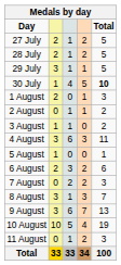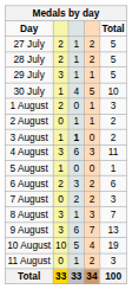 <table class="wikitable" style="font-size:85%; float:right">
 <tr style="text-align:center">
 <th colspan=7>Medals by day</th>
 </tr>
 <tr style="text-align:center">
 <td><strong>Day</strong></td>
 <td style="background:#f7f6a8;"></td>
 <td style="background:#dce5e5;"></td>
 <td style="background:#ffdab9;"></td>
 <td><strong>Total</strong></td>
 </tr>
 <tr style="text-align:center">
 <td>27 July</td>
 <td style="background:#f7f6a8;">2</td>
 <td style="background:#dce5e5;">1</td>
 <td style="background:#ffdab9;">2</td>
 <td>5</td>
 </tr>
 <tr style="text-align:center">
 <td>28 July</td>
 <td style="background:#f7f6a8;">2</td>
 <td style="background:#dce5e5;">1</td>
 <td style="background:#ffdab9;">2</td>
 <td>5</td>
 </tr>
 <tr style="text-align:center">
 <td>29 July</td>
 <td style="background:#f7f6a8;">3</td>
 <td style="background:#dce5e5;">1</td>
 <td style="background:#ffdab9;">1</td>
 <td>5</td>
 </tr>
 <tr style="text-align:center">
 <td>30 July</td>
 <td style="background:#f7f6a8;">1</td>
 <td style="background:#dce5e5;">4</td>
 <td style="background:#ffdab9;">5</td>
-<td><strong>10</strong></td>
+<td>10</td>
 </tr>
 <tr style="text-align:center">
 <td>1 August</td>
 <td style="background:#f7f6a8;">2</td>
 <td style="background:#dce5e5;">0</td>
 <td style="background:#ffdab9;">1</td>
 <td>3</td>
 </tr>
 <tr style="text-align:center">
 <td>2 August</td>
 <td style="background:#f7f6a8;">0</td>
 <td style="background:#dce5e5;">1</td>
 <td style="background:#ffdab9;">1</td>
 <td>2</td>
 </tr>
 <tr style="text-align:center">
 <td>3 August</td>
 <td style="background:#f7f6a8;">1</td>
-<td style="background:#dce5e5;">1</td>
+<td style="background:#dce5e5;"><strong>1</strong></td>
 <td style="background:#ffdab9;">0</td>
 <td>2</td>
 </tr>
 <tr style="text-align:center">
 <td>4 August</td>
 <td style="background:#f7f6a8;">3</td>
 <td style="background:#dce5e5;">6</td>
 <td style="background:#ffdab9;">3</td>
 <td>11</td>
 </tr>
 <tr style="text-align:center">
 <td>5 August</td>
 <td style="background:#f7f6a8;">1</td>
 <td style="background:#dce5e5;">0</td>
 <td style="background:#ffdab9;">0</td>
 <td>1</td>
 </tr>
 <tr style="text-align:center">
 <td>6 August</td>
 <td style="background:#f7f6a8;">2</td>
 <td style="background:#dce5e5;">3</td>
 <td style="background:#ffdab9;">2</td>
 <td>6</td>
 </tr>
 <tr style="text-align:center">
 <td>7 August</td>
 <td style="background:#f7f6a8;">0</td>
 <td style="background:#dce5e5;">2</td>
 <td style="background:#ffdab9;">2</td>
 <td>3</td>
 </tr>
 <tr style="text-align:center">
 <td>8 August</td>
 <td style="background:#f7f6a8;">3</td>
 <td style="background:#dce5e5;">1</td>
 <td style="background:#ffdab9;">3</td>
 <td>7</td>
 </tr>
 <tr style="text-align:center">
 <td>9 August</td>
 <td style="background:#f7f6a8;">3</td>
 <td style="background:#dce5e5;">6</td>
 <td style="background:#ffdab9;">7</td>
 <td>13</td>
 </tr>
 <tr style="text-align:center">
 <td>10 August</td>
 <td style="background:#f7f6a8;">10</td>
 <td style="background:#dce5e5;">5</td>
 <td style="background:#ffdab9;">4</td>
 <td>19</td>
 </tr>
 <tr style="text-align:center">
 <td>11 August</td>
 <td style="background:#f7f6a8;">0</td>
 <td style="background:#dce5e5;">1</td>
 <td style="background:#ffdab9;">2</td>
 <td>3</td>
 </tr>
 <tr style="text-align:center">
 <th>Total</th>
 <th style="background:gold;">33</th>
 <th style="background:silver;">33</th>
 <th style="background:#c96;">34</th>
 <th>100</th>
 </tr>
 </table>
